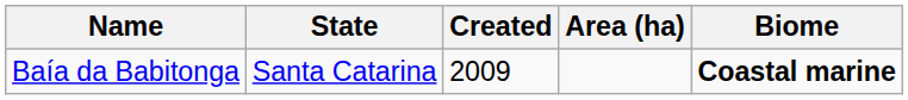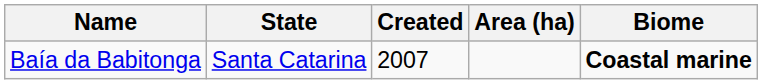 <table class="wikitable sortable">
 <tr>
 <th>Name</th>
 <th>State</th>
 <th>Created</th>
 <th>Area (ha)</th>
 <th>Biome</th>
 </tr>
 <tr>
 <td><a href='#'>Baía da Babitonga</a></td>
 <td><a href='#'>Santa Catarina</a></td>
-<td>2009</td>
+<td>2007</td>
 <td></td>
 <td><strong>Coastal marine</strong></td>
 </tr>
 </table>
